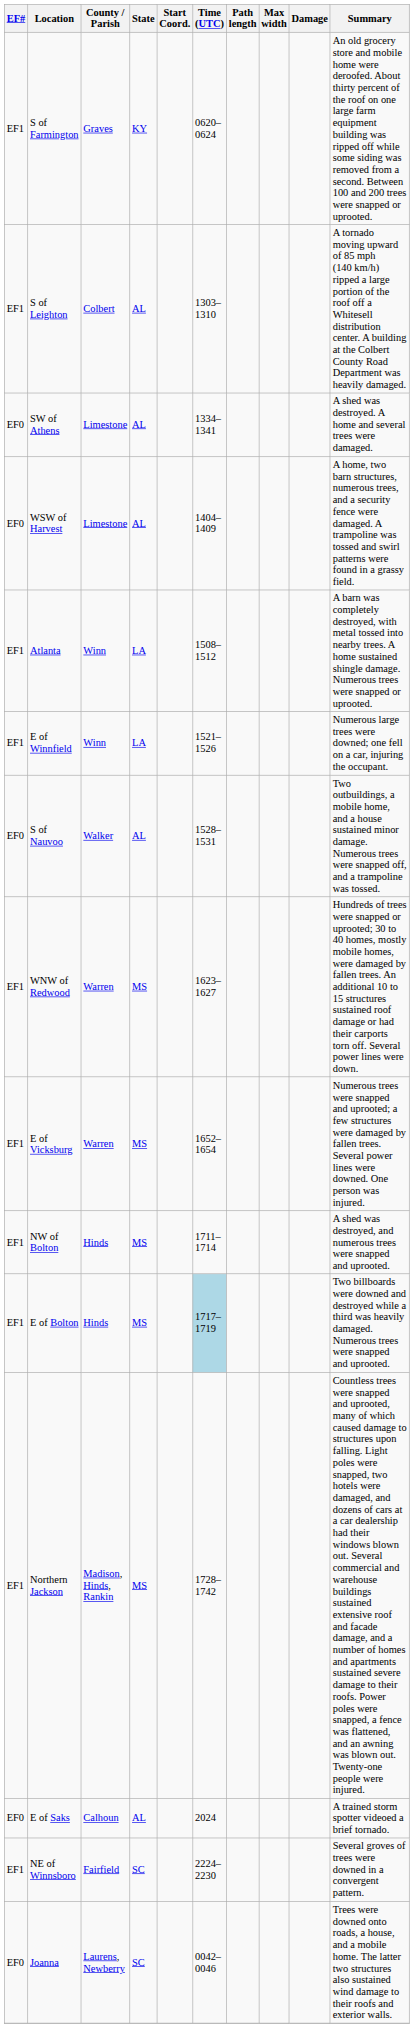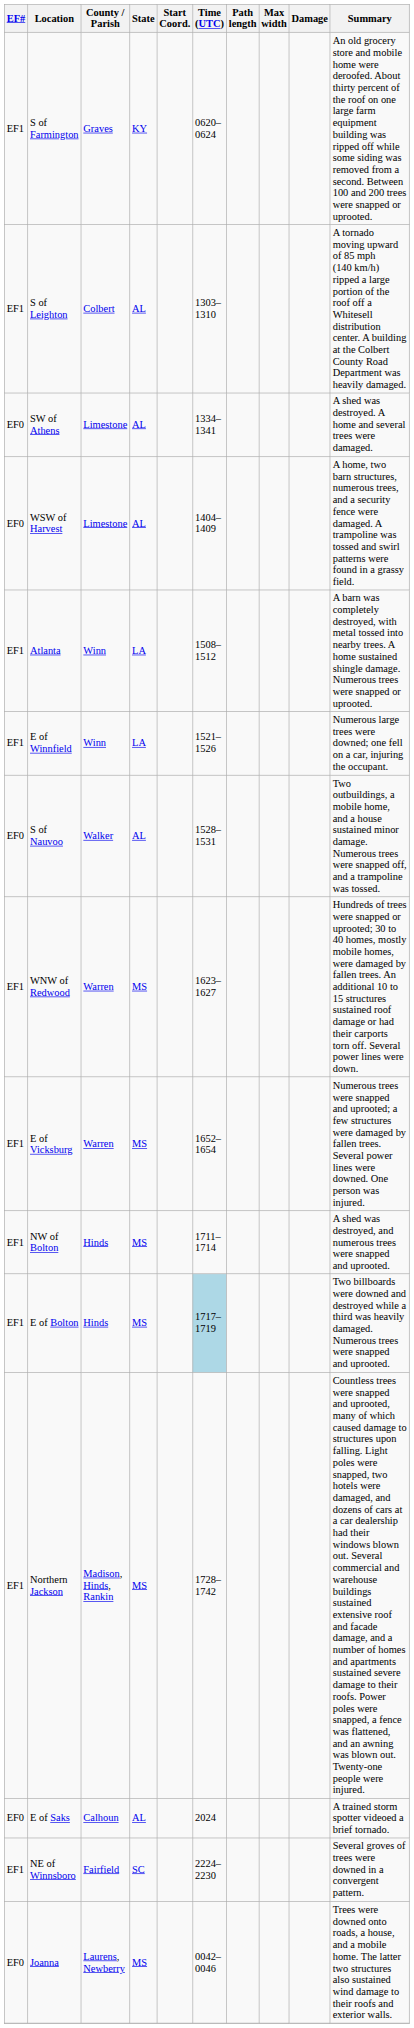 <table class="wikitable sortable" style="width:100%;">
 <tr>
 <th scope="col" width="3%" align="center"><a href='#'>EF#</a></th>
 <th scope="col" width="7%" align="center" class="unsortable">Location</th>
 <th scope="col" width="6%" align="center" class="unsortable">County / Parish</th>
 <th scope="col" width="5%" align="center">State</th>
 <th scope="col" width="6%" align="center">Start Coord.</th>
 <th scope="col" width="6%" align="center">Time (<a href='#'>UTC</a>)</th>
 <th scope="col" width="6%" align="center">Path length</th>
 <th scope="col" width="6%" align="center">Max width</th>
 <th scope="col" width="6%" align="center">Damage</th>
 <th scope="col" width="48%" class="unsortable" align="center">Summary</th>
 </tr>
 <tr>
 <td>EF1</td>
 <td>S of <a href='#'>Farmington</a></td>
 <td><a href='#'>Graves</a></td>
 <td><a href='#'>KY</a></td>
 <td></td>
 <td>0620–0624</td>
 <td></td>
 <td></td>
 <td></td>
 <td>An old grocery store and mobile home were deroofed. About thirty percent of the roof on one large farm equipment building was ripped off while some siding was removed from a second. Between 100 and 200 trees were snapped or uprooted.</td>
 </tr>
 <tr>
 <td>EF1</td>
 <td>S of <a href='#'>Leighton</a></td>
 <td><a href='#'>Colbert</a></td>
 <td><a href='#'>AL</a></td>
 <td></td>
 <td>1303–1310</td>
 <td></td>
 <td></td>
 <td></td>
 <td>A tornado moving upward of 85 mph (140 km/h) ripped a large portion of the roof off a Whitesell distribution center. A building at the Colbert County Road Department was heavily damaged.</td>
 </tr>
 <tr>
 <td>EF0</td>
 <td>SW of <a href='#'>Athens</a></td>
 <td><a href='#'>Limestone</a></td>
 <td><a href='#'>AL</a></td>
 <td></td>
 <td>1334–1341</td>
 <td></td>
 <td></td>
 <td></td>
 <td>A shed was destroyed. A home and several trees were damaged.</td>
 </tr>
 <tr>
 <td>EF0</td>
 <td>WSW of <a href='#'>Harvest</a></td>
 <td><a href='#'>Limestone</a></td>
 <td><a href='#'>AL</a></td>
 <td></td>
 <td>1404–1409</td>
 <td></td>
 <td></td>
 <td></td>
 <td>A home, two barn structures, numerous trees, and a security fence were damaged. A trampoline was tossed and swirl patterns were found in a grassy field.</td>
 </tr>
 <tr>
 <td>EF1</td>
 <td><a href='#'>Atlanta</a></td>
 <td><a href='#'>Winn</a></td>
 <td><a href='#'>LA</a></td>
 <td></td>
 <td>1508–1512</td>
 <td></td>
 <td></td>
 <td></td>
 <td>A barn was completely destroyed, with metal tossed into nearby trees. A home sustained shingle damage. Numerous trees were snapped or uprooted.</td>
 </tr>
 <tr>
 <td>EF1</td>
 <td>E of <a href='#'>Winnfield</a></td>
 <td><a href='#'>Winn</a></td>
 <td><a href='#'>LA</a></td>
 <td></td>
 <td>1521–1526</td>
 <td></td>
 <td></td>
 <td></td>
 <td>Numerous large trees were downed; one fell on a car, injuring the occupant.</td>
 </tr>
 <tr>
 <td>EF0</td>
 <td>S of <a href='#'>Nauvoo</a></td>
 <td><a href='#'>Walker</a></td>
 <td><a href='#'>AL</a></td>
 <td></td>
 <td>1528–1531</td>
 <td></td>
 <td></td>
 <td></td>
 <td>Two outbuildings, a mobile home, and a house sustained minor damage. Numerous trees were snapped off, and a trampoline was tossed.</td>
 </tr>
 <tr>
 <td>EF1</td>
 <td>WNW of <a href='#'>Redwood</a></td>
 <td><a href='#'>Warren</a></td>
 <td><a href='#'>MS</a></td>
 <td></td>
 <td>1623–1627</td>
 <td></td>
 <td></td>
 <td></td>
 <td>Hundreds of trees were snapped or uprooted; 30 to 40 homes, mostly mobile homes, were damaged by fallen trees. An additional 10 to 15 structures sustained roof damage or had their carports torn off. Several power lines were down.</td>
 </tr>
 <tr>
 <td>EF1</td>
 <td>E of <a href='#'>Vicksburg</a></td>
 <td><a href='#'>Warren</a></td>
 <td><a href='#'>MS</a></td>
 <td></td>
 <td>1652–1654</td>
 <td></td>
 <td></td>
 <td></td>
 <td>Numerous trees were snapped and uprooted; a few structures were damaged by fallen trees. Several power lines were downed. One person was injured.</td>
 </tr>
 <tr>
 <td>EF1</td>
 <td>NW of <a href='#'>Bolton</a></td>
 <td><a href='#'>Hinds</a></td>
 <td><a href='#'>MS</a></td>
 <td></td>
 <td>1711–1714</td>
 <td></td>
 <td></td>
 <td></td>
 <td>A shed was destroyed, and numerous trees were snapped and uprooted.</td>
 </tr>
 <tr>
 <td>EF1</td>
 <td>E of <a href='#'>Bolton</a></td>
 <td><a href='#'>Hinds</a></td>
 <td><a href='#'>MS</a></td>
 <td></td>
 <td style="background: lightblue;">1717–1719</td>
 <td></td>
 <td></td>
 <td></td>
 <td>Two billboards were downed and destroyed while a third was heavily damaged. Numerous trees were snapped and uprooted.</td>
 </tr>
 <tr>
 <td>EF1</td>
 <td>Northern <a href='#'>Jackson</a></td>
 <td><a href='#'>Madison</a>, <a href='#'>Hinds</a>, <a href='#'>Rankin</a></td>
 <td><a href='#'>MS</a></td>
 <td></td>
 <td>1728–1742</td>
 <td></td>
 <td></td>
 <td></td>
 <td>Countless trees were snapped and uprooted, many of which caused damage to structures upon falling. Light poles were snapped, two hotels were damaged, and dozens of cars at a car dealership had their windows blown out. Several commercial and warehouse buildings sustained extensive roof and facade damage, and a number of homes and apartments sustained severe damage to their roofs. Power poles were snapped, a fence was flattened, and an awning was blown out. Twenty-one people were injured.<br></td>
 </tr>
 <tr>
 <td>EF0</td>
 <td>E of <a href='#'>Saks</a></td>
 <td><a href='#'>Calhoun</a></td>
 <td><a href='#'>AL</a></td>
 <td></td>
 <td>2024</td>
 <td></td>
 <td></td>
 <td></td>
 <td>A trained storm spotter videoed a brief tornado.</td>
 </tr>
 <tr>
 <td>EF1</td>
 <td>NE of <a href='#'>Winnsboro</a></td>
 <td><a href='#'>Fairfield</a></td>
 <td><a href='#'>SC</a></td>
 <td></td>
 <td>2224–2230</td>
 <td></td>
 <td></td>
 <td></td>
 <td>Several groves of trees were downed in a convergent pattern.</td>
 </tr>
 <tr>
 <td>EF0</td>
 <td><a href='#'>Joanna</a></td>
 <td><a href='#'>Laurens</a>, <a href='#'>Newberry</a></td>
-<td><a href='#'>SC</a></td>
+<td><a href='#'>MS</a></td>
 <td></td>
 <td>0042–0046</td>
 <td></td>
 <td></td>
 <td></td>
 <td>Trees were downed onto roads, a house, and a mobile home. The latter two structures also sustained wind damage to their roofs and exterior walls.</td>
 </tr>
 <tr>
 </tr>
 </table>
